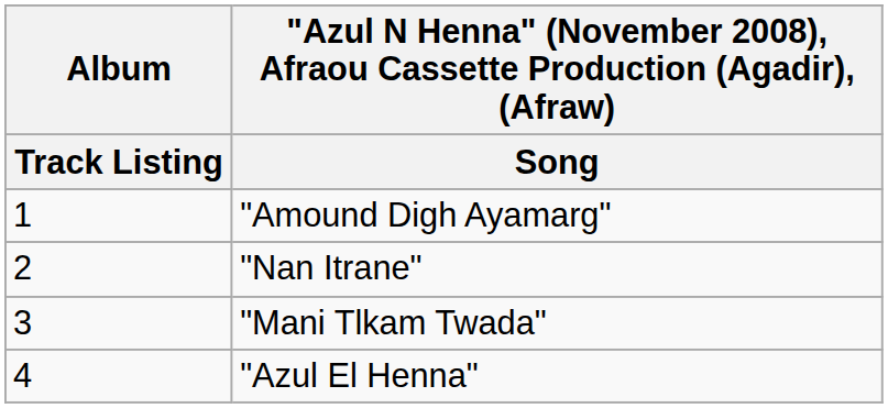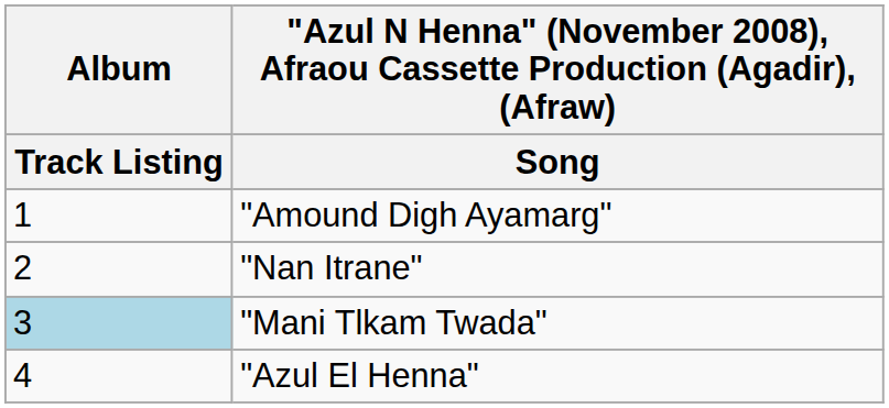 <table class="wikitable">
 <tr>
 <th>Album</th>
 <th>"Azul N Henna" (November 2008), Afraou Cassette Production (Agadir), (Afraw)</th>
 </tr>
 <tr>
 <th width="100pt">Track Listing</th>
 <th width="300pt">Song</th>
 </tr>
 <tr>
 <td>1</td>
 <td>"Amound Digh Ayamarg"</td>
 </tr>
 <tr>
 <td>2</td>
 <td>"Nan Itrane"</td>
 </tr>
 <tr>
-<td>3</td>
+<td style="background: lightblue;">3</td>
 <td>"Mani Tlkam Twada"</td>
 </tr>
 <tr>
 <td>4</td>
 <td>"Azul El Henna"</td>
 </tr>
 </table>
